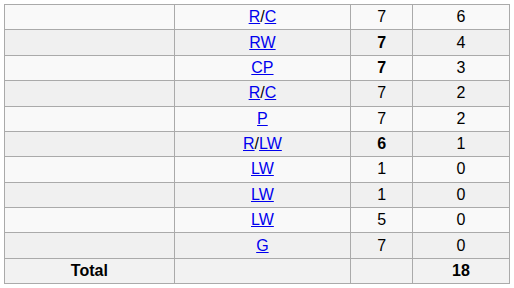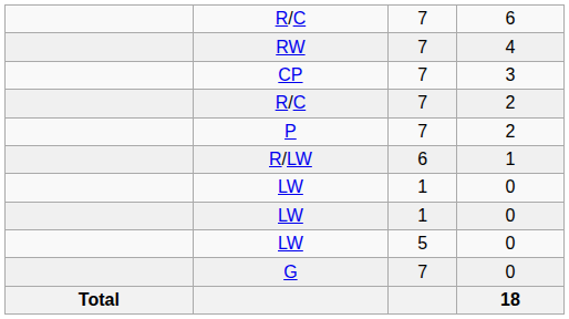 <table class="wikitable sortable" width ="40%">
 <tr align="center">
 </tr>
 <tr align="center" bgcolor="">
 <td></td>
 <td><a href='#'>R</a>/<a href='#'>C</a></td>
 <td>7</td>
 <td>6</td>
 </tr>
 <tr align="center" bgcolor="f0f0f0">
 <td></td>
 <td><a href='#'>RW</a></td>
-<td><strong>7</strong></td>
+<td>7</td>
 <td>4</td>
 </tr>
 <tr align="center" bgcolor="">
 <td></td>
 <td><a href='#'>CP</a></td>
-<td><strong>7</strong></td>
+<td>7</td>
 <td>3</td>
 </tr>
 <tr align="center" bgcolor="f0f0f0">
 <td></td>
 <td><a href='#'>R</a>/<a href='#'>C</a></td>
 <td>7</td>
 <td>2</td>
 </tr>
 <tr align="center" bgcolor="">
 <td></td>
 <td><a href='#'>P</a></td>
 <td>7</td>
 <td>2</td>
 </tr>
 <tr align="center" bgcolor="f0f0f0">
 <td></td>
 <td><a href='#'>R</a>/<a href='#'>LW</a></td>
-<td><strong>6</strong></td>
+<td>6</td>
 <td>1</td>
 </tr>
 <tr align="center" bgcolor="">
 <td></td>
 <td><a href='#'>LW</a></td>
 <td>1</td>
 <td>0</td>
 </tr>
 <tr align="center" bgcolor="f0f0f0">
 <td></td>
 <td><a href='#'>LW</a></td>
 <td>1</td>
 <td>0</td>
 </tr>
 <tr align="center" bgcolor="">
 <td></td>
 <td><a href='#'>LW</a></td>
 <td>5</td>
 <td>0</td>
 </tr>
 <tr align="center" bgcolor="f0f0f0">
 <td></td>
 <td><a href='#'>G</a></td>
 <td>7</td>
 <td>0</td>
 </tr>
 <tr>
 <th>Total</th>
 <th></th>
 <th></th>
 <th>18</th>
 </tr>
 </table>
